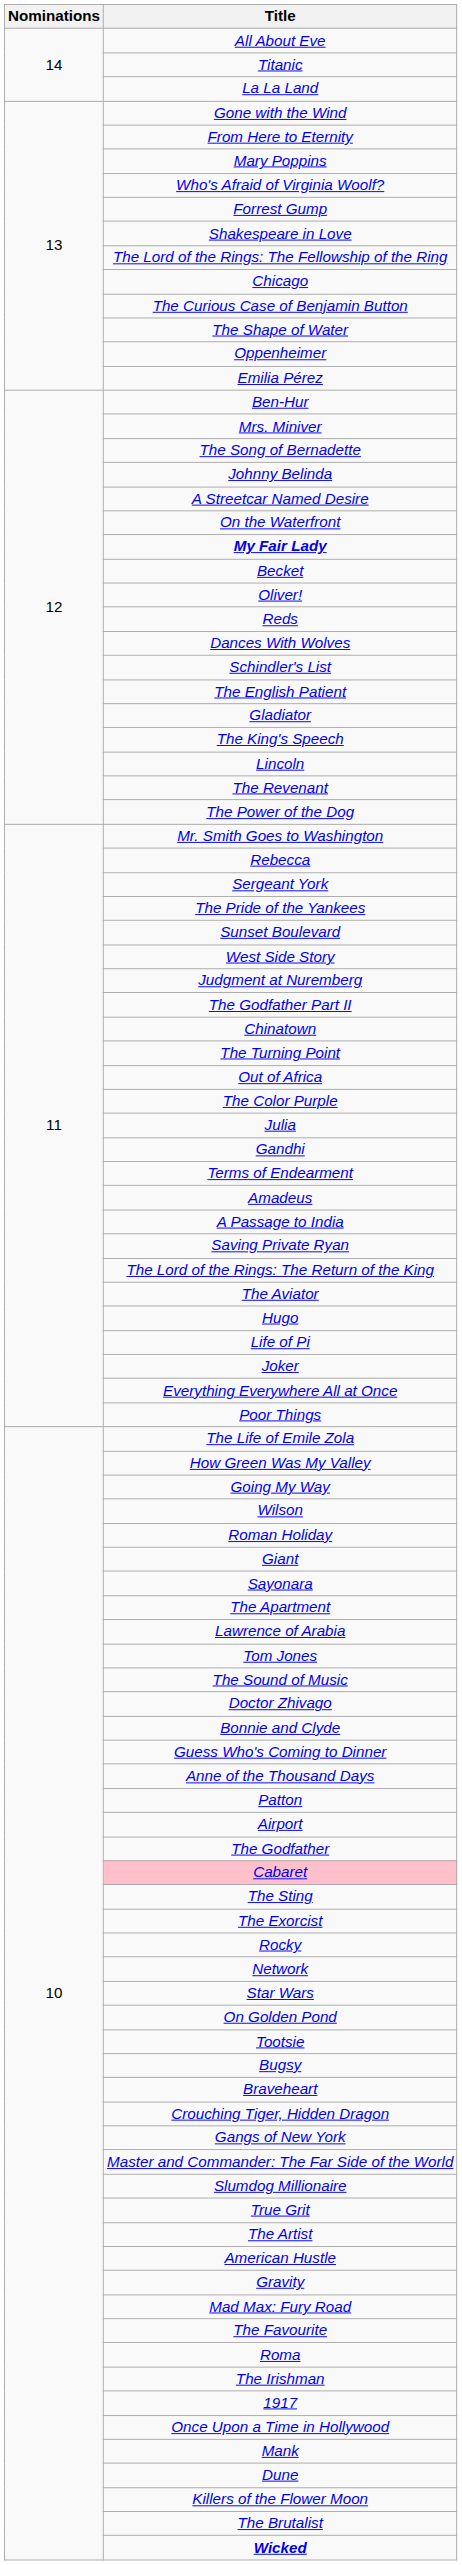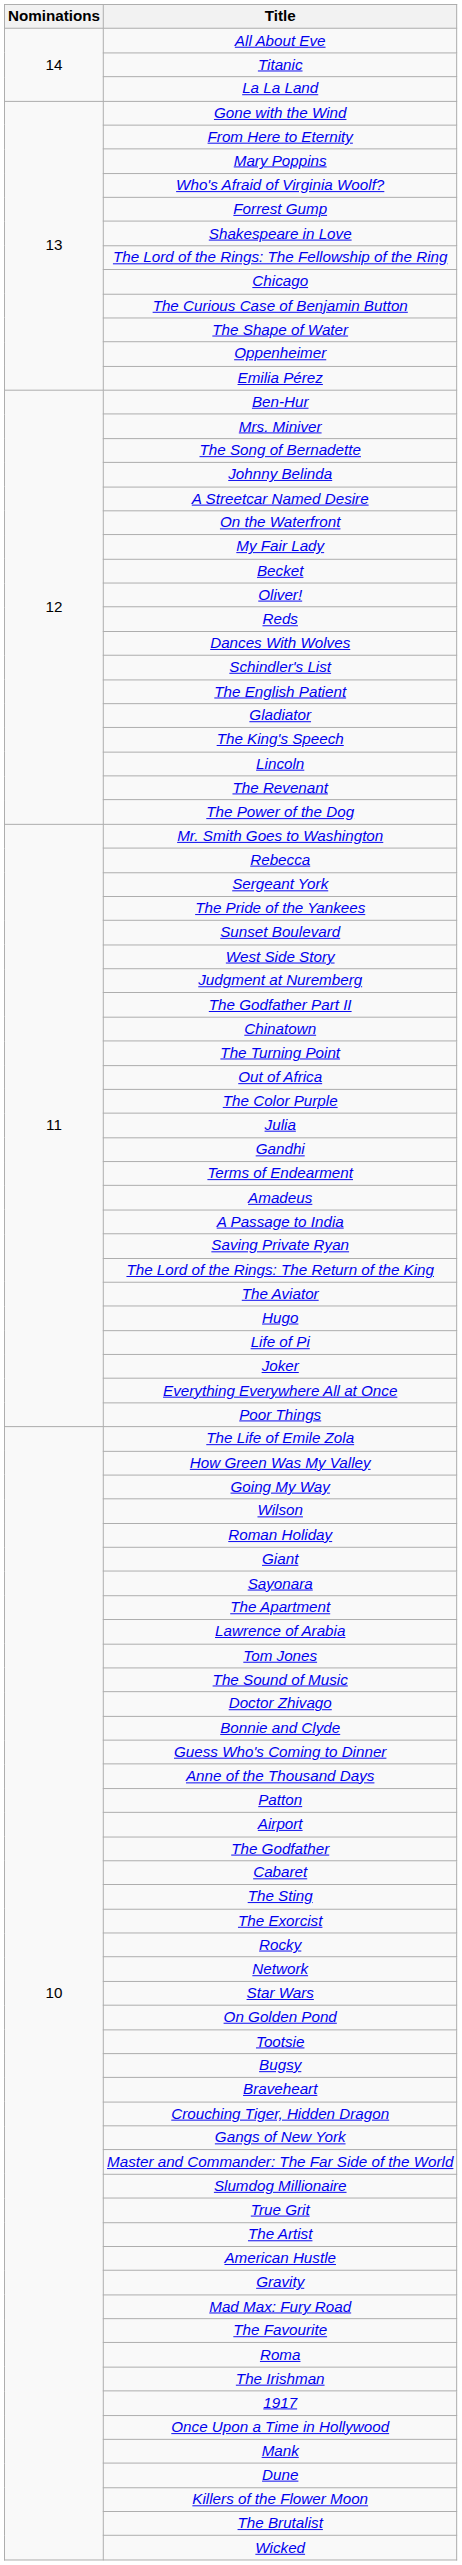 <table class="wikitable" style="text-align: center;">
 <tr>
 <th scope="col" width="58">Nominations</th>
 <th scope="col" align="center">Title</th>
 </tr>
 <tr>
 <td rowspan="3" style="text-align:center">14</td>
 <td><em><a href='#'>All About Eve</a></em></td>
 </tr>
 <tr>
 <td><em><a href='#'>Titanic</a></em></td>
 </tr>
 <tr>
 <td><em><a href='#'>La La Land</a></em></td>
 </tr>
 <tr>
 <td rowspan="12" style="text-align:center">13</td>
 <td><em><a href='#'>Gone with the Wind</a></em></td>
 </tr>
 <tr>
 <td><em><a href='#'>From Here to Eternity</a></em></td>
 </tr>
 <tr>
 <td><em><a href='#'>Mary Poppins</a></em></td>
 </tr>
 <tr>
 <td><em><a href='#'>Who's Afraid of Virginia Woolf?</a></em></td>
 </tr>
 <tr>
 <td><em><a href='#'>Forrest Gump</a></em></td>
 </tr>
 <tr>
 <td><em><a href='#'>Shakespeare in Love</a></em></td>
 </tr>
 <tr>
 <td><em><a href='#'>The Lord of the Rings: The Fellowship of the Ring</a></em></td>
 </tr>
 <tr>
 <td><em><a href='#'>Chicago</a></em></td>
 </tr>
 <tr>
 <td><em><a href='#'>The Curious Case of Benjamin Button</a></em></td>
 </tr>
 <tr>
 <td><em><a href='#'>The Shape of Water</a></em></td>
 </tr>
 <tr>
 <td><em><a href='#'>Oppenheimer</a></em></td>
 </tr>
 <tr>
 <td><em><a href='#'>Emilia Pérez</a></em></td>
 </tr>
 <tr>
 <td rowspan="18" style="text-align:center">12</td>
 <td><em><a href='#'>Ben-Hur</a></em></td>
 </tr>
 <tr>
 <td><em><a href='#'>Mrs. Miniver</a></em></td>
 </tr>
 <tr>
 <td><em><a href='#'>The Song of Bernadette</a></em></td>
 </tr>
 <tr>
 <td><em><a href='#'>Johnny Belinda</a></em></td>
 </tr>
 <tr>
 <td><em><a href='#'>A Streetcar Named Desire</a></em></td>
 </tr>
 <tr>
 <td><em><a href='#'>On the Waterfront</a></em></td>
 </tr>
 <tr>
-<td><strong><em><a href='#'>My Fair Lady</a></em></strong></td>
+<td><em><a href='#'>My Fair Lady</a></em></td>
 </tr>
 <tr>
 <td><em><a href='#'>Becket</a></em></td>
 </tr>
 <tr>
 <td><em><a href='#'>Oliver!</a></em></td>
 </tr>
 <tr>
 <td><em><a href='#'>Reds</a></em></td>
 </tr>
 <tr>
 <td><em><a href='#'>Dances With Wolves</a></em></td>
 </tr>
 <tr>
 <td><em><a href='#'>Schindler's List</a></em></td>
 </tr>
 <tr>
 <td><em><a href='#'>The English Patient</a></em></td>
 </tr>
 <tr>
 <td><em><a href='#'>Gladiator</a></em></td>
 </tr>
 <tr>
 <td><em><a href='#'>The King's Speech</a></em></td>
 </tr>
 <tr>
 <td><em><a href='#'>Lincoln</a></em></td>
 </tr>
 <tr>
 <td><em><a href='#'>The Revenant</a></em></td>
 </tr>
 <tr>
 <td><em><a href='#'>The Power of the Dog</a></em></td>
 </tr>
 <tr>
 <td rowspan="25" style="text-align:center">11</td>
 <td><em><a href='#'>Mr. Smith Goes to Washington</a></em></td>
 </tr>
 <tr>
 <td><em><a href='#'>Rebecca</a></em></td>
 </tr>
 <tr>
 <td><em><a href='#'>Sergeant York</a></em></td>
 </tr>
 <tr>
 <td><em><a href='#'>The Pride of the Yankees</a></em></td>
 </tr>
 <tr>
 <td><em><a href='#'>Sunset Boulevard</a></em></td>
 </tr>
 <tr>
 <td><em><a href='#'>West Side Story</a></em></td>
 </tr>
 <tr>
 <td><em><a href='#'>Judgment at Nuremberg</a></em></td>
 </tr>
 <tr>
 <td><em><a href='#'>The Godfather Part II</a></em></td>
 </tr>
 <tr>
 <td><em><a href='#'>Chinatown</a></em></td>
 </tr>
 <tr>
 <td><em><a href='#'>The Turning Point</a></em></td>
 </tr>
 <tr>
 <td><em><a href='#'>Out of Africa</a></em></td>
 </tr>
 <tr>
 <td><em><a href='#'>The Color Purple</a></em></td>
 </tr>
 <tr>
 <td><em><a href='#'>Julia</a></em></td>
 </tr>
 <tr>
 <td><em><a href='#'>Gandhi</a></em></td>
 </tr>
 <tr>
 <td><em><a href='#'>Terms of Endearment</a></em></td>
 </tr>
 <tr>
 <td><em><a href='#'>Amadeus</a></em></td>
 </tr>
 <tr>
 <td><em><a href='#'>A Passage to India</a></em></td>
 </tr>
 <tr>
 <td><em><a href='#'>Saving Private Ryan</a></em></td>
 </tr>
 <tr>
 <td><em><a href='#'>The Lord of the Rings: The Return of the King</a></em></td>
 </tr>
 <tr>
 <td><em><a href='#'>The Aviator</a></em></td>
 </tr>
 <tr>
 <td><em><a href='#'>Hugo</a></em></td>
 </tr>
 <tr>
 <td><em><a href='#'>Life of Pi</a></em></td>
 </tr>
 <tr>
 <td><em><a href='#'>Joker</a></em></td>
 </tr>
 <tr>
 <td><em><a href='#'>Everything Everywhere All at Once</a></em></td>
 </tr>
 <tr>
 <td><em><a href='#'>Poor Things</a></em></td>
 </tr>
 <tr>
 <td rowspan="47" style="text-align:center">10</td>
 <td><em><a href='#'>The Life of Emile Zola</a></em></td>
 </tr>
 <tr>
 <td><em><a href='#'>How Green Was My Valley</a></em></td>
 </tr>
 <tr>
 <td><em><a href='#'>Going My Way</a></em></td>
 </tr>
 <tr>
 <td><em><a href='#'>Wilson</a></em></td>
 </tr>
 <tr>
 <td><em><a href='#'>Roman Holiday</a></em></td>
 </tr>
 <tr>
 <td><em><a href='#'>Giant</a></em></td>
 </tr>
 <tr>
 <td><em><a href='#'>Sayonara</a></em></td>
 </tr>
 <tr>
 <td><em><a href='#'>The Apartment</a></em></td>
 </tr>
 <tr>
 <td><em><a href='#'>Lawrence of Arabia</a></em></td>
 </tr>
 <tr>
 <td><em><a href='#'>Tom Jones</a></em></td>
 </tr>
 <tr>
 <td><em><a href='#'>The Sound of Music</a></em></td>
 </tr>
 <tr>
 <td><em><a href='#'>Doctor Zhivago</a></em></td>
 </tr>
 <tr>
 <td><em><a href='#'>Bonnie and Clyde</a></em></td>
 </tr>
 <tr>
 <td><em><a href='#'>Guess Who's Coming to Dinner</a></em></td>
 </tr>
 <tr>
 <td><em><a href='#'>Anne of the Thousand Days</a></em></td>
 </tr>
 <tr>
 <td><em><a href='#'>Patton</a></em></td>
 </tr>
 <tr>
 <td><em><a href='#'>Airport</a></em></td>
 </tr>
 <tr>
 <td><em><a href='#'>The Godfather</a></em></td>
 </tr>
 <tr>
-<td style="background: pink;"><em><a href='#'>Cabaret</a></em></td>
+<td><em><a href='#'>Cabaret</a></em></td>
 </tr>
 <tr>
 <td><em><a href='#'>The Sting</a></em></td>
 </tr>
 <tr>
 <td><em><a href='#'>The Exorcist</a></em></td>
 </tr>
 <tr>
 <td><em><a href='#'>Rocky</a></em></td>
 </tr>
 <tr>
 <td><em><a href='#'>Network</a></em></td>
 </tr>
 <tr>
 <td><em><a href='#'>Star Wars</a></em></td>
 </tr>
 <tr>
 <td><em><a href='#'>On Golden Pond</a></em></td>
 </tr>
 <tr>
 <td><em><a href='#'>Tootsie</a></em></td>
 </tr>
 <tr>
 <td><em><a href='#'>Bugsy</a></em></td>
 </tr>
 <tr>
 <td><em><a href='#'>Braveheart</a></em></td>
 </tr>
 <tr>
 <td><em><a href='#'>Crouching Tiger, Hidden Dragon</a></em></td>
 </tr>
 <tr>
 <td><em><a href='#'>Gangs of New York</a></em></td>
 </tr>
 <tr>
 <td><em><a href='#'>Master and Commander: The Far Side of the World</a></em></td>
 </tr>
 <tr>
 <td><em><a href='#'>Slumdog Millionaire</a></em></td>
 </tr>
 <tr>
 <td><em><a href='#'>True Grit</a></em></td>
 </tr>
 <tr>
 <td><em><a href='#'>The Artist</a></em></td>
 </tr>
 <tr>
 <td><em><a href='#'>American Hustle</a></em></td>
 </tr>
 <tr>
 <td><em><a href='#'>Gravity</a></em></td>
 </tr>
 <tr>
 <td><em><a href='#'>Mad Max: Fury Road</a></em></td>
 </tr>
 <tr>
 <td><em><a href='#'>The Favourite</a></em></td>
 </tr>
 <tr>
 <td><em><a href='#'>Roma</a></em></td>
 </tr>
 <tr>
 <td><em><a href='#'>The Irishman</a></em></td>
 </tr>
 <tr>
 <td><em><a href='#'>1917</a></em></td>
 </tr>
 <tr>
 <td><em><a href='#'>Once Upon a Time in Hollywood</a></em></td>
 </tr>
 <tr>
 <td><em><a href='#'>Mank</a></em></td>
 </tr>
 <tr>
 <td><em><a href='#'>Dune</a></em></td>
 </tr>
 <tr>
 <td><em><a href='#'>Killers of the Flower Moon</a></em></td>
 </tr>
 <tr>
 <td><em><a href='#'>The Brutalist</a></em></td>
 </tr>
 <tr>
-<td><strong><em><a href='#'>Wicked</a></em></strong></td>
+<td><em><a href='#'>Wicked</a></em></td>
 </tr>
 </table>
